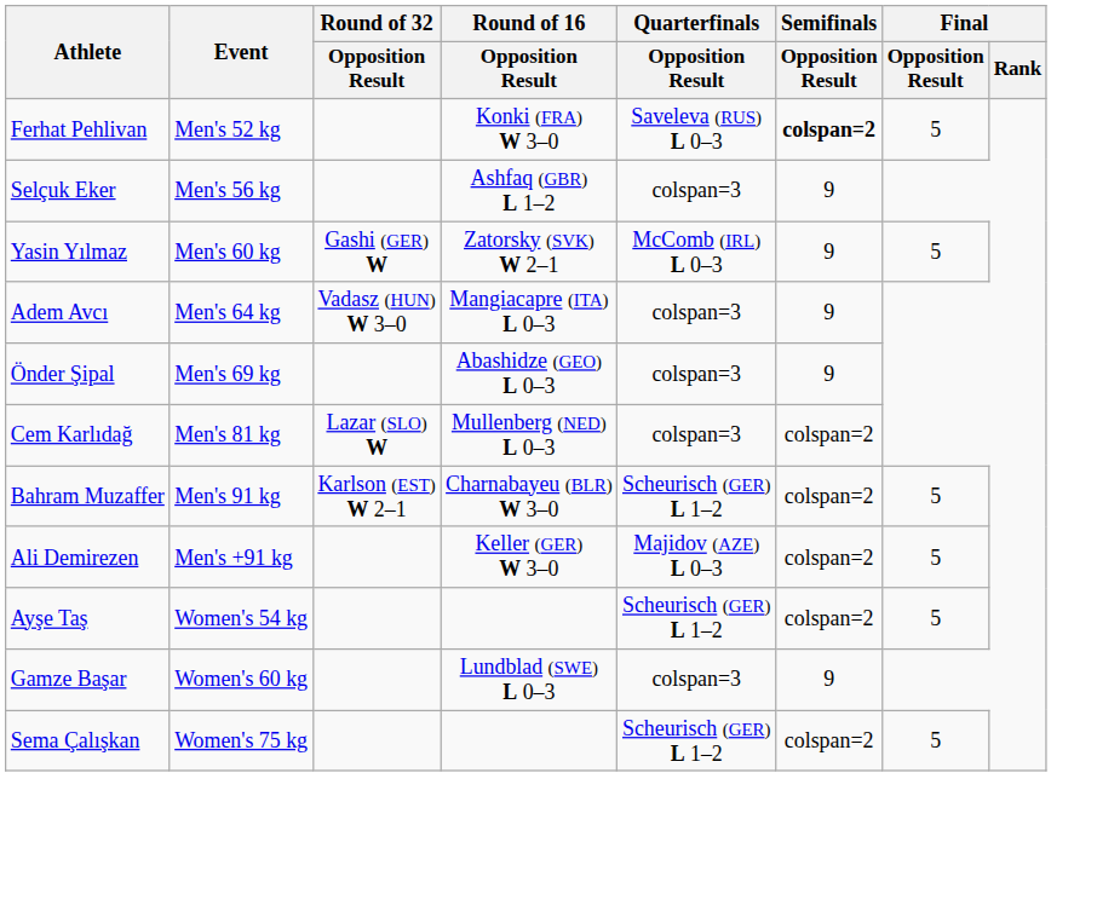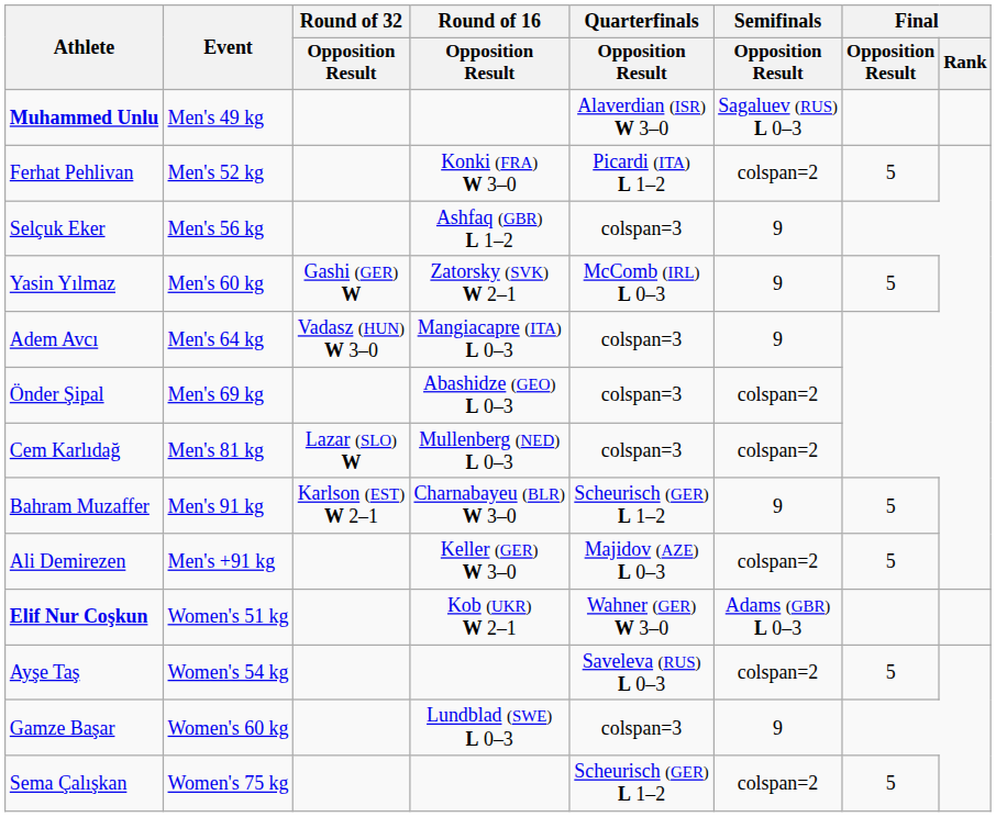 <table class="wikitable" style="font-size:90%">
 <tr>
 <th rowspan="2">Athlete</th>
 <th rowspan="2">Event</th>
 <th>Round of 32</th>
 <th>Round of 16</th>
 <th>Quarterfinals</th>
 <th>Semifinals</th>
 <th colspan=2>Final</th>
 </tr>
 <tr style="font-size:95%">
 <th>Opposition<br>Result</th>
 <th>Opposition<br>Result</th>
 <th>Opposition<br>Result</th>
 <th>Opposition<br>Result</th>
 <th>Opposition<br>Result</th>
 <th>Rank</th>
 </tr>
 <tr align=center>
+<td align=left><strong><a href='#'>Muhammed Unlu</a></strong></td>
+<td align=left><a href='#'>Men's 49 kg</a></td>
+<td></td>
+<td></td>
+<td> <a href='#'>Alaverdian</a> <small>(<a href='#'>ISR</a>)</small> <br><strong>W</strong> 3–0</td>
+<td> <a href='#'>Sagaluev</a> <small>(<a href='#'>RUS</a>)</small> <br><strong>L</strong> 0–3</td>
+<td></td>
+<td></td>
+</tr>
+<tr align=center>
 <td align=left><a href='#'>Ferhat Pehlivan</a></td>
 <td align=left><a href='#'>Men's 52 kg</a></td>
 <td></td>
 <td> <a href='#'>Konki</a> <small>(<a href='#'>FRA</a>)</small> <br><strong>W</strong> 3–0</td>
-<td> <a href='#'>Saveleva</a> <small>(<a href='#'>RUS</a>)</small> <br><strong>L</strong> 0–3</td>
-<td><strong>colspan=2 </strong></td>
+<td> <a href='#'>Picardi</a> <small>(<a href='#'>ITA</a>)</small> <br><strong>L</strong> 1–2</td>
+<td>colspan=2 </td>
 <td>5</td>
 </tr>
 <tr align=center>
 <td align=left><a href='#'>Selçuk Eker</a></td>
 <td align=left><a href='#'>Men's 56 kg</a></td>
 <td></td>
 <td> <a href='#'>Ashfaq</a> <small>(<a href='#'>GBR</a>)</small> <br><strong>L</strong> 1–2</td>
 <td>colspan=3 </td>
 <td>9</td>
 </tr>
 <tr align=center>
 <td align=left><a href='#'>Yasin Yılmaz</a></td>
 <td align=left><a href='#'>Men's 60 kg</a></td>
 <td> <a href='#'>Gashi</a> <small>(<a href='#'>GER</a>)</small> <br><strong>W</strong> </td>
 <td> <a href='#'>Zatorsky</a> <small>(<a href='#'>SVK</a>)</small> <br><strong>W</strong> 2–1</td>
 <td> <a href='#'>McComb</a> <small>(<a href='#'>IRL</a>)</small> <br><strong>L</strong> 0–3</td>
 <td>9</td>
 <td>5</td>
 </tr>
 <tr align=center>
 <td align=left><a href='#'>Adem Avcı</a></td>
 <td align=left><a href='#'>Men's 64 kg</a></td>
 <td> <a href='#'>Vadasz</a> <small>(<a href='#'>HUN</a>)</small> <br><strong>W</strong> 3–0</td>
 <td> <a href='#'>Mangiacapre</a> <small>(<a href='#'>ITA</a>)</small> <br><strong>L</strong> 0–3</td>
 <td>colspan=3 </td>
 <td>9</td>
 </tr>
 <tr align=center>
 <td align=left><a href='#'>Önder Şipal</a></td>
 <td align=left><a href='#'>Men's 69 kg</a></td>
 <td></td>
 <td> <a href='#'>Abashidze</a> <small>(<a href='#'>GEO</a>)</small> <br><strong>L</strong> 0–3</td>
 <td>colspan=3 </td>
-<td>9</td>
+<td>colspan=2 </td>
 </tr>
 <tr align=center>
 <td align=left><a href='#'>Cem Karlıdağ</a></td>
 <td align=left><a href='#'>Men's 81 kg</a></td>
 <td> <a href='#'>Lazar</a> <small>(<a href='#'>SLO</a>)</small> <br><strong>W</strong> </td>
 <td> <a href='#'>Mullenberg</a> <small>(<a href='#'>NED</a>)</small> <br><strong>L</strong> 0–3</td>
 <td>colspan=3 </td>
 <td>colspan=2 </td>
 </tr>
 <tr align=center>
 <td align=left><a href='#'>Bahram Muzaffer</a></td>
 <td align=left><a href='#'>Men's 91 kg</a></td>
 <td> <a href='#'>Karlson</a> <small>(<a href='#'>EST</a>)</small> <br><strong>W</strong> 2–1</td>
 <td> <a href='#'>Charnabayeu</a> <small>(<a href='#'>BLR</a>)</small> <br><strong>W</strong> 3–0</td>
 <td> <a href='#'>Scheurisch</a> <small>(<a href='#'>GER</a>)</small> <br><strong>L</strong> 1–2</td>
-<td>colspan=2 </td>
+<td>9</td>
 <td>5</td>
 </tr>
 <tr align=center>
 <td align=left><a href='#'>Ali Demirezen</a></td>
 <td align=left><a href='#'>Men's +91 kg</a></td>
 <td></td>
 <td> <a href='#'>Keller</a> <small>(<a href='#'>GER</a>)</small> <br><strong>W</strong> 3–0</td>
 <td> <a href='#'>Majidov</a> <small>(<a href='#'>AZE</a>)</small> <br><strong>L</strong> 0–3</td>
 <td>colspan=2 </td>
 <td>5</td>
 </tr>
 <tr align=center>
+<td align=left><strong><a href='#'>Elif Nur Coşkun</a></strong></td>
+<td align=left><a href='#'>Women's 51 kg</a></td>
+<td></td>
+<td> <a href='#'>Kob</a> <small>(<a href='#'>UKR</a>)</small> <br><strong>W</strong> 2–1</td>
+<td> <a href='#'>Wahner</a> <small>(<a href='#'>GER</a>)</small> <br><strong>W</strong> 3–0</td>
+<td> <a href='#'>Adams</a> <small>(<a href='#'>GBR</a>)</small> <br><strong>L</strong> 0–3</td>
+<td></td>
+<td></td>
+</tr>
+<tr align=center>
 <td align=left><a href='#'>Ayşe Taş</a></td>
 <td align=left><a href='#'>Women's 54 kg</a></td>
 <td></td>
 <td></td>
-<td> <a href='#'>Scheurisch</a> <small>(<a href='#'>GER</a>)</small> <br><strong>L</strong> 1–2</td>
+<td> <a href='#'>Saveleva</a> <small>(<a href='#'>RUS</a>)</small> <br><strong>L</strong> 0–3</td>
 <td>colspan=2 </td>
 <td>5</td>
 </tr>
 <tr align=center>
 <td align=left><a href='#'>Gamze Başar</a></td>
 <td align=left><a href='#'>Women's 60 kg</a></td>
 <td></td>
 <td> <a href='#'>Lundblad</a> <small>(<a href='#'>SWE</a>)</small> <br><strong>L</strong> 0–3</td>
 <td>colspan=3 </td>
 <td>9</td>
 </tr>
 <tr align=center>
 <td align=left><a href='#'>Sema Çalışkan</a></td>
 <td align=left><a href='#'>Women's 75 kg</a></td>
 <td></td>
 <td></td>
 <td> <a href='#'>Scheurisch</a> <small>(<a href='#'>GER</a>)</small> <br><strong>L</strong> 1–2</td>
 <td>colspan=2 </td>
 <td>5</td>
 </tr>
 </table>
